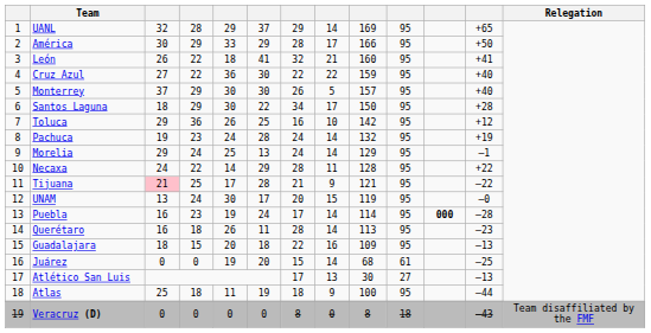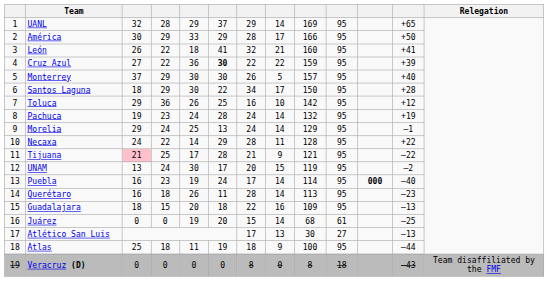 <table class="wikitable sortable" style="text-align: center;">
 <tr>
 <th width=28><br></th>
 <th width=150>Team</th>
 <th width=40></th>
 <th width=40></th>
 <th width=40></th>
 <th width=40></th>
 <th width=40></th>
 <th width=40></th>
 <th width=45></th>
 <th width=45></th>
 <th width=50><br></th>
 <th width=45><br></th>
 <th>Relegation</th>
 </tr>
 <tr style="text-align:center;">
 <td>1</td>
 <td align=left><a href='#'>UANL</a></td>
 <td>32</td>
 <td>28</td>
 <td>29</td>
 <td>37</td>
 <td>29</td>
 <td>14</td>
 <td>169</td>
 <td>95</td>
 <td><strong></strong></td>
 <td>+65</td>
 </tr>
 <tr style="text-align:center;">
 <td>2</td>
 <td align=left><a href='#'>América</a></td>
 <td>30</td>
 <td>29</td>
 <td>33</td>
 <td>29</td>
 <td>28</td>
 <td>17</td>
 <td>166</td>
 <td>95</td>
 <td><strong></strong></td>
 <td>+50</td>
 </tr>
 <tr style="text-align:center;">
 <td>3</td>
 <td align=left><a href='#'>León</a></td>
 <td>26</td>
 <td>22</td>
 <td>18</td>
 <td>41</td>
 <td>32</td>
 <td>21</td>
 <td>160</td>
 <td>95</td>
 <td><strong></strong></td>
 <td>+41</td>
 </tr>
 <tr style="text-align:center;">
 <td>4</td>
 <td align=left><a href='#'>Cruz Azul</a></td>
 <td>27</td>
 <td>22</td>
 <td>36</td>
-<td>30</td>
+<td><strong>30</strong></td>
 <td>22</td>
 <td>22</td>
 <td>159</td>
 <td>95</td>
 <td><strong></strong></td>
-<td>+40</td>
+<td>+39</td>
 </tr>
 <tr style="text-align:center;">
 <td>5</td>
 <td align=left><a href='#'>Monterrey</a></td>
 <td>37</td>
 <td>29</td>
 <td>30</td>
 <td>30</td>
 <td>26</td>
 <td>5</td>
 <td>157</td>
 <td>95</td>
 <td><strong></strong></td>
 <td>+40</td>
 </tr>
 <tr style="text-align:center;">
 <td>6</td>
 <td align=left><a href='#'>Santos Laguna</a></td>
 <td>18</td>
 <td>29</td>
 <td>30</td>
 <td>22</td>
 <td>34</td>
 <td>17</td>
 <td>150</td>
 <td>95</td>
 <td><strong></strong></td>
 <td>+28</td>
 </tr>
 <tr style="text-align:center;">
 <td>7</td>
 <td align=left><a href='#'>Toluca</a></td>
 <td>29</td>
 <td>36</td>
 <td>26</td>
 <td>25</td>
 <td>16</td>
 <td>10</td>
 <td>142</td>
 <td>95</td>
 <td><strong></strong></td>
 <td>+12</td>
 </tr>
 <tr style="text-align:center;">
 <td>8</td>
 <td align=left><a href='#'>Pachuca</a></td>
 <td>19</td>
 <td>23</td>
 <td>24</td>
 <td>28</td>
 <td>24</td>
 <td>14</td>
 <td>132</td>
 <td>95</td>
 <td><strong></strong></td>
 <td>+19</td>
 </tr>
 <tr style="text-align:center;">
 <td>9</td>
 <td align=left><a href='#'>Morelia</a></td>
 <td>29</td>
 <td>24</td>
 <td>25</td>
 <td>13</td>
 <td>24</td>
 <td>14</td>
 <td>129</td>
 <td>95</td>
 <td><strong></strong></td>
 <td>–1</td>
 </tr>
 <tr style="text-align:center;">
 <td>10</td>
 <td align=left><a href='#'>Necaxa</a></td>
 <td>24</td>
 <td>22</td>
 <td>14</td>
 <td>29</td>
 <td>28</td>
 <td>11</td>
 <td>128</td>
 <td>95</td>
 <td><strong></strong></td>
 <td>+22</td>
 </tr>
 <tr style="text-align:center;">
 <td>11</td>
 <td align=left><a href='#'>Tijuana</a></td>
 <td style="background: pink;">21</td>
 <td>25</td>
 <td>17</td>
 <td>28</td>
 <td>21</td>
 <td>9</td>
 <td>121</td>
 <td>95</td>
 <td><strong></strong></td>
 <td>–22</td>
 </tr>
 <tr style="text-align:center;">
 <td>12</td>
 <td align=left><a href='#'>UNAM</a></td>
 <td>13</td>
 <td>24</td>
 <td>30</td>
 <td>17</td>
 <td>20</td>
 <td>15</td>
 <td>119</td>
 <td>95</td>
 <td><strong></strong></td>
-<td>–0</td>
+<td>–2</td>
 </tr>
 <tr style="text-align:center;">
 <td>13</td>
 <td align=left><a href='#'>Puebla</a></td>
 <td>16</td>
 <td>23</td>
 <td>19</td>
 <td>24</td>
 <td>17</td>
 <td>14</td>
 <td>114</td>
 <td>95</td>
 <td><strong>000</strong></td>
-<td>–28</td>
+<td>–40</td>
 </tr>
 <tr style="text-align:center;">
 <td>14</td>
 <td align=left><a href='#'>Querétaro</a></td>
 <td>16</td>
 <td>18</td>
 <td>26</td>
 <td>11</td>
 <td>28</td>
 <td>14</td>
 <td>113</td>
 <td>95</td>
 <td><strong></strong></td>
 <td>–23</td>
 </tr>
 <tr style="text-align:center;">
 <td>15</td>
 <td align=left><a href='#'>Guadalajara</a></td>
 <td>18</td>
 <td>15</td>
 <td>20</td>
 <td>18</td>
 <td>22</td>
 <td>16</td>
 <td>109</td>
 <td>95</td>
 <td><strong></strong></td>
 <td>–13</td>
 </tr>
 <tr style="text-align:center;">
 <td>16</td>
 <td align=left><a href='#'>Juárez</a></td>
 <td>0</td>
 <td>0</td>
 <td>19</td>
 <td>20</td>
 <td>15</td>
 <td>14</td>
 <td>68</td>
 <td>61</td>
 <td><strong></strong></td>
 <td>–25</td>
 </tr>
 <tr style="text-align:center;">
 <td>17</td>
 <td align=left><a href='#'>Atlético San Luis</a></td>
 <td colspan=4></td>
 <td>17</td>
 <td>13</td>
 <td>30</td>
 <td>27</td>
 <td><strong></strong></td>
 <td>–13</td>
 </tr>
 <tr style="text-align:center;">
 <td>18</td>
 <td align=left><a href='#'>Atlas</a></td>
 <td>25</td>
 <td>18</td>
 <td>11</td>
 <td>19</td>
 <td>18</td>
 <td>9</td>
 <td>100</td>
 <td>95</td>
 <td><strong></strong></td>
 <td>–44</td>
 </tr>
 <tr>
 </tr>
 <tr style="text-align:center;background:#BBBBBB;">
 <td><s>19</s></td>
 <td align=left><a href='#'>Veracruz</a> <strong>(D)</strong></td>
 <td>0</td>
 <td>0</td>
 <td>0</td>
 <td>0</td>
 <td><s>8</s></td>
 <td><s>0</s></td>
 <td><s>8</s></td>
 <td><s>18</s></td>
 <td><strong><s></s></strong></td>
 <td><s>–43</s></td>
 <td>Team disaffiliated by the <a href='#'>FMF</a></td>
 </tr>
 </table>
